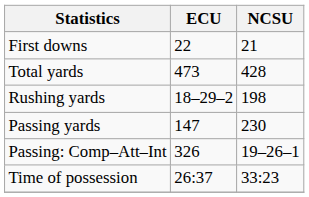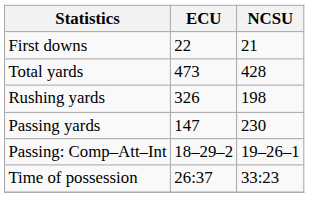 <table class="wikitable" style="float: left;">
 <tr>
 <th>Statistics</th>
 <th>ECU</th>
 <th>NCSU</th>
 </tr>
 <tr>
 <td>First downs</td>
 <td>22</td>
 <td>21</td>
 </tr>
 <tr>
 <td>Total yards</td>
 <td>473</td>
 <td>428</td>
 </tr>
 <tr>
 <td>Rushing yards</td>
-<td>18–29–2</td>
+<td>326</td>
 <td>198</td>
 </tr>
 <tr>
 <td>Passing yards</td>
 <td>147</td>
 <td>230</td>
 </tr>
 <tr>
 <td>Passing: Comp–Att–Int</td>
-<td>326</td>
+<td>18–29–2</td>
 <td>19–26–1</td>
 </tr>
 <tr>
 <td>Time of possession</td>
 <td>26:37</td>
 <td>33:23</td>
 </tr>
 <tr>
 </tr>
 </table>
